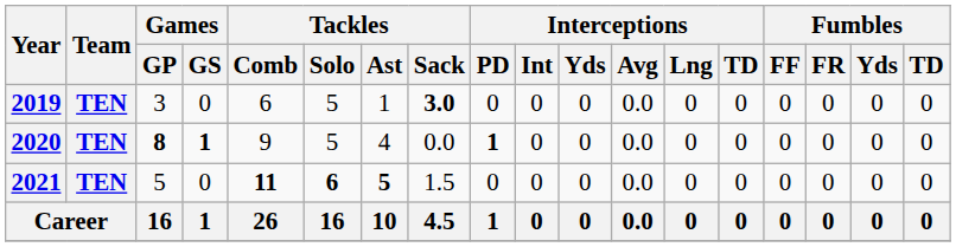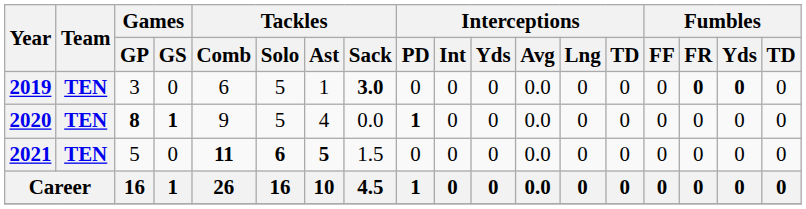 <table class="wikitable" style="text-align:center">
 <tr>
 <th rowspan="2">Year</th>
 <th rowspan="2">Team</th>
 <th colspan="2">Games</th>
 <th colspan="4">Tackles</th>
 <th colspan="6">Interceptions</th>
 <th colspan="4">Fumbles</th>
 </tr>
 <tr>
 <th>GP</th>
 <th>GS</th>
 <th>Comb</th>
 <th>Solo</th>
 <th>Ast</th>
 <th>Sack</th>
 <th>PD</th>
 <th>Int</th>
 <th>Yds</th>
 <th>Avg</th>
 <th>Lng</th>
 <th>TD</th>
 <th>FF</th>
 <th>FR</th>
 <th>Yds</th>
 <th>TD</th>
 </tr>
 <tr>
 <th><a href='#'>2019</a></th>
 <th><a href='#'>TEN</a></th>
 <td>3</td>
 <td>0</td>
 <td>6</td>
 <td>5</td>
 <td>1</td>
 <td><strong>3.0</strong></td>
 <td>0</td>
 <td>0</td>
 <td>0</td>
 <td>0.0</td>
 <td>0</td>
 <td>0</td>
 <td>0</td>
-<td>0</td>
-<td>0</td>
+<td><strong>0</strong></td>
+<td><strong>0</strong></td>
 <td>0</td>
 </tr>
 <tr>
 <th><a href='#'>2020</a></th>
 <th><a href='#'>TEN</a></th>
 <td><strong>8</strong></td>
 <td><strong>1</strong></td>
 <td>9</td>
 <td>5</td>
 <td>4</td>
 <td>0.0</td>
 <td><strong>1</strong></td>
 <td>0</td>
 <td>0</td>
 <td>0.0</td>
 <td>0</td>
 <td>0</td>
 <td>0</td>
 <td>0</td>
 <td>0</td>
 <td>0</td>
 </tr>
 <tr>
 <th><a href='#'>2021</a></th>
 <th><a href='#'>TEN</a></th>
 <td>5</td>
 <td>0</td>
 <td><strong>11</strong></td>
 <td><strong>6</strong></td>
 <td><strong>5</strong></td>
 <td>1.5</td>
 <td>0</td>
 <td>0</td>
 <td>0</td>
 <td>0.0</td>
 <td>0</td>
 <td>0</td>
 <td>0</td>
 <td>0</td>
 <td>0</td>
 <td>0</td>
 </tr>
 <tr>
 <th colspan="2">Career</th>
 <th>16</th>
 <th>1</th>
 <th>26</th>
 <th>16</th>
 <th>10</th>
 <th>4.5</th>
 <th>1</th>
 <th>0</th>
 <th>0</th>
 <th>0.0</th>
 <th>0</th>
 <th>0</th>
 <th>0</th>
 <th>0</th>
 <th>0</th>
 <th>0</th>
 </tr>
 <tr>
 </tr>
 </table>
